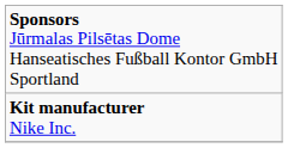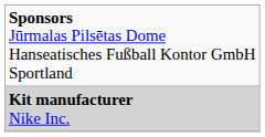 <table class="wikitable">
 <tr>
 <td><strong>Sponsors</strong><br> <a href='#'>Jūrmalas Pilsētas Dome</a> <br> Hanseatisches Fußball Kontor GmbH <br> Sportland</td>
 </tr>
 <tr>
-<td><strong>Kit manufacturer</strong><br> <a href='#'>Nike Inc.</a></td>
+<td style="background: lightgrey;"><strong>Kit manufacturer</strong><br> <a href='#'>Nike Inc.</a></td>
 </tr>
 <tr>
 </tr>
 </table>
